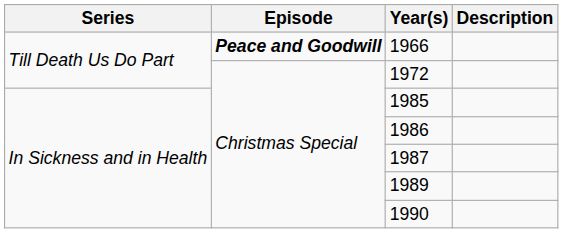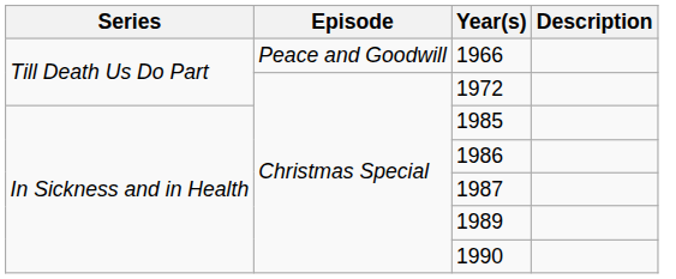 <table class="wikitable sortable">
 <tr>
 <th>Series</th>
 <th>Episode</th>
 <th>Year(s)</th>
 <th>Description</th>
 </tr>
 <tr>
 <td rowspan="2"><em>Till Death Us Do Part</em></td>
-<td><strong><em>Peace and Goodwill</em></strong></td>
+<td><em>Peace and Goodwill</em></td>
 <td>1966</td>
 <td></td>
 </tr>
 <tr>
 <td rowspan="6"><em>Christmas Special</em></td>
 <td>1972</td>
 <td></td>
 </tr>
 <tr>
 <td rowspan="5"><em>In Sickness and in Health</em></td>
 <td>1985</td>
 <td></td>
 </tr>
 <tr>
 <td>1986</td>
 <td></td>
 </tr>
 <tr>
 <td>1987</td>
 <td></td>
 </tr>
 <tr>
 <td>1989</td>
 <td></td>
 </tr>
 <tr>
 <td>1990</td>
 <td></td>
 </tr>
 </table>
